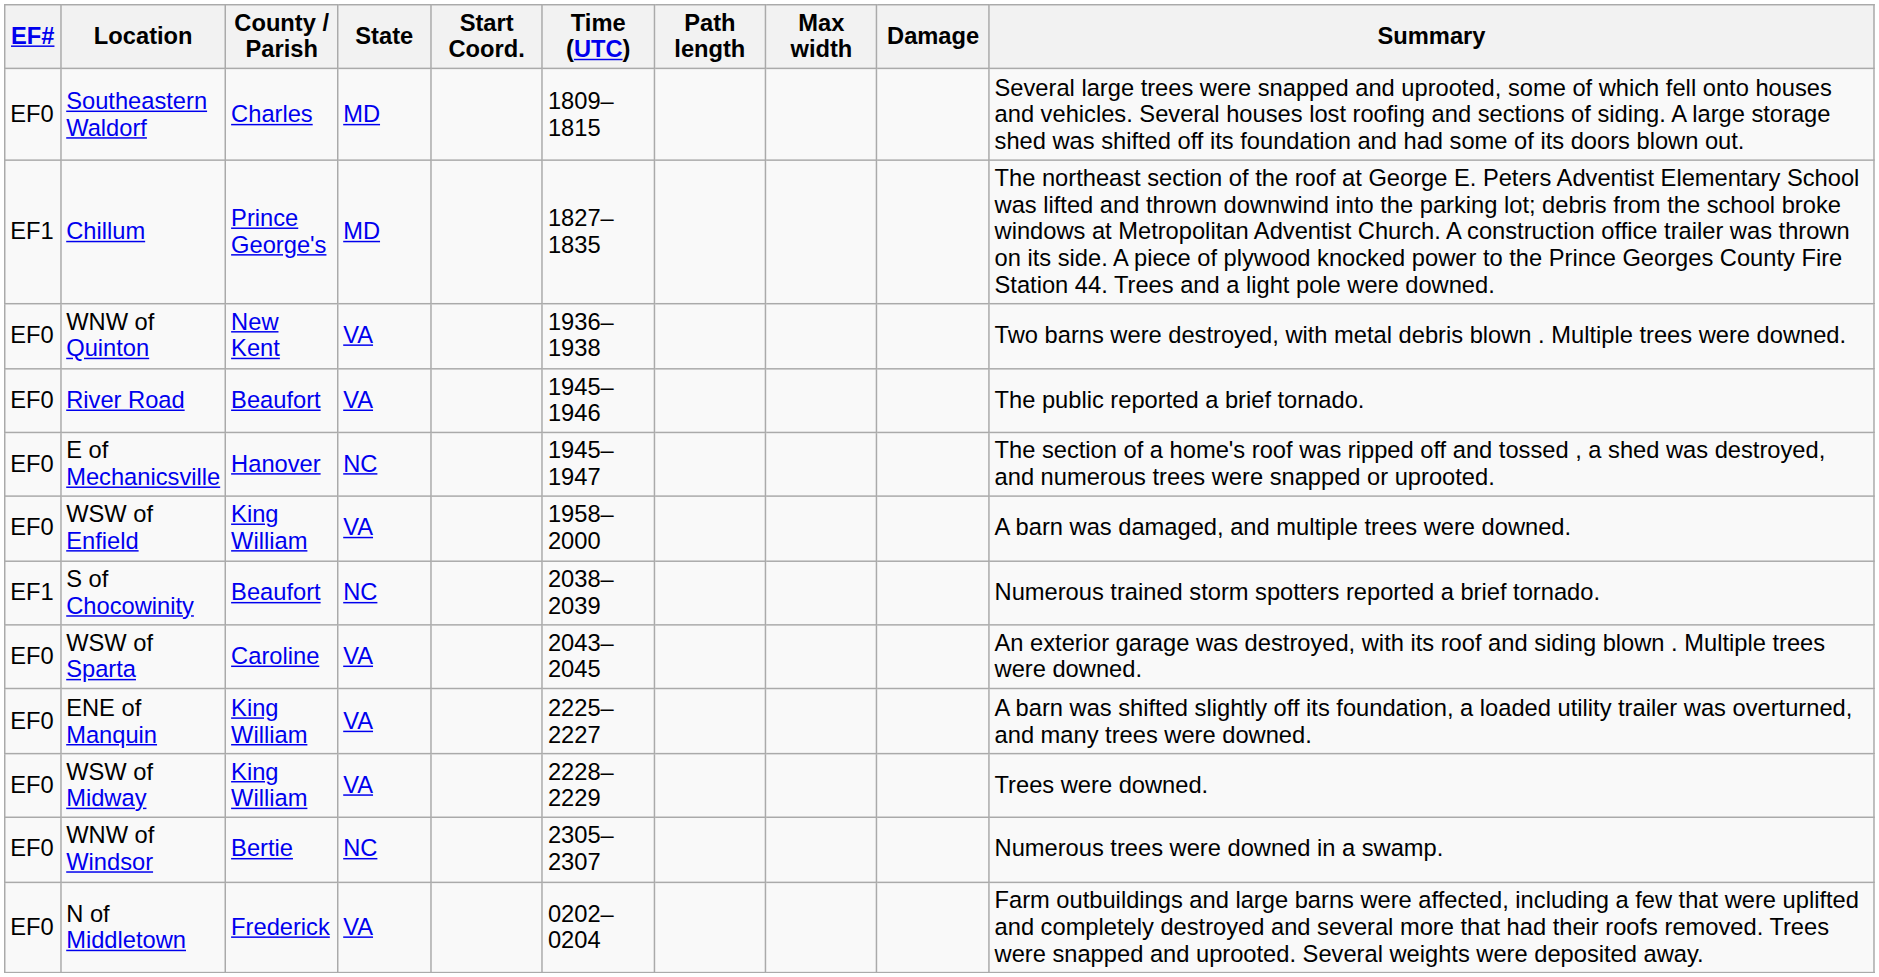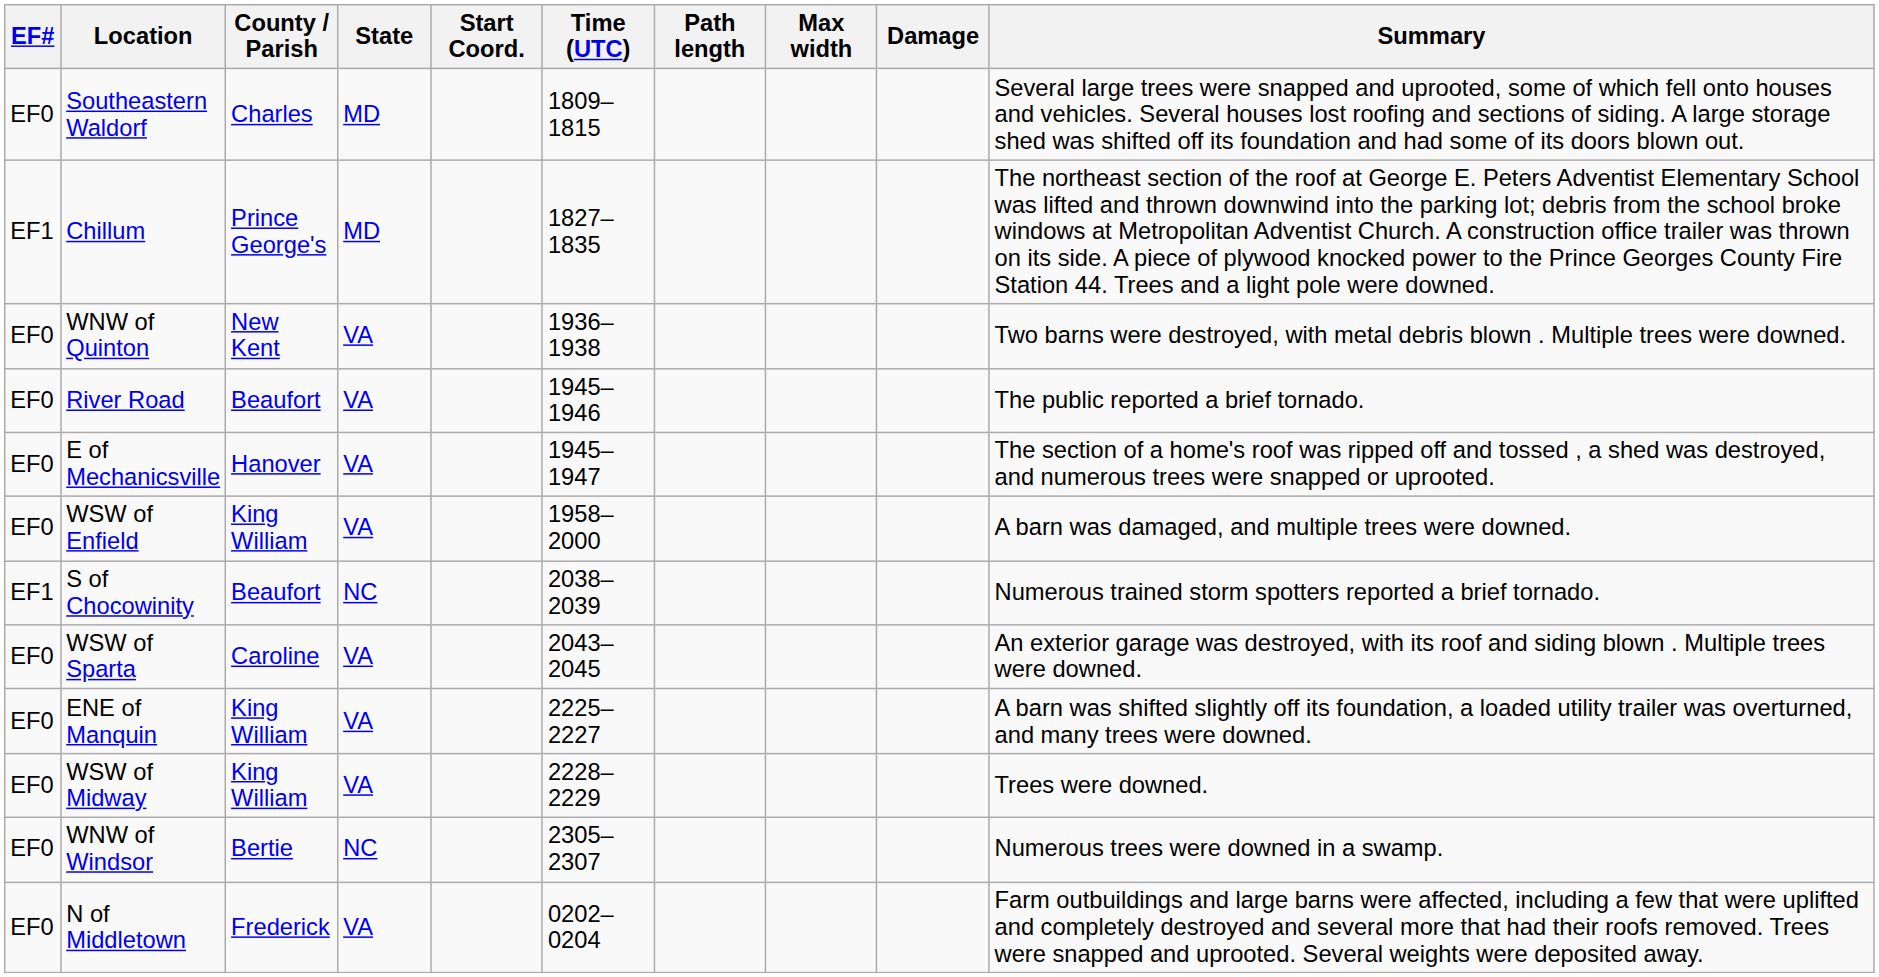 <table class="wikitable sortable" style="width:100%;">
 <tr>
 <th scope="col" width="3%" align="center"><a href='#'>EF#</a></th>
 <th scope="col" width="7%" align="center" class="unsortable">Location</th>
 <th scope="col" width="6%" align="center" class="unsortable">County / Parish</th>
 <th scope="col" width="5%" align="center">State</th>
 <th scope="col" width="6%" align="center">Start Coord.</th>
 <th scope="col" width="6%" align="center">Time (<a href='#'>UTC</a>)</th>
 <th scope="col" width="6%" align="center">Path length</th>
 <th scope="col" width="6%" align="center">Max width</th>
 <th scope="col" width="6%" align="center">Damage</th>
 <th scope="col" width="48%" class="unsortable" align="center">Summary</th>
 </tr>
 <tr>
 <td>EF0</td>
 <td><a href='#'>Southeastern Waldorf</a></td>
 <td><a href='#'>Charles</a></td>
 <td><a href='#'>MD</a></td>
 <td></td>
 <td>1809–1815</td>
 <td></td>
 <td></td>
 <td></td>
 <td>Several large trees were snapped and uprooted, some of which fell onto houses and vehicles. Several houses lost roofing and sections of siding. A large storage shed was shifted off its foundation and had some of its doors blown out.</td>
 </tr>
 <tr>
 <td>EF1</td>
 <td><a href='#'>Chillum</a></td>
 <td><a href='#'>Prince George's</a></td>
 <td><a href='#'>MD</a></td>
 <td></td>
 <td>1827–1835</td>
 <td></td>
 <td></td>
 <td></td>
 <td>The northeast section of the roof at George E. Peters Adventist Elementary School was lifted and thrown downwind into the parking lot; debris from the school broke windows at Metropolitan Adventist Church. A construction office trailer was thrown on its side. A piece of plywood knocked power to the Prince Georges County Fire Station 44. Trees and a light pole were downed.</td>
 </tr>
 <tr>
 <td>EF0</td>
 <td>WNW of <a href='#'>Quinton</a></td>
 <td><a href='#'>New Kent</a></td>
 <td><a href='#'>VA</a></td>
 <td></td>
 <td>1936–1938</td>
 <td></td>
 <td></td>
 <td></td>
 <td>Two barns were destroyed, with metal debris blown . Multiple trees were downed.</td>
 </tr>
 <tr>
 <td>EF0</td>
 <td><a href='#'>River Road</a></td>
 <td><a href='#'>Beaufort</a></td>
 <td><a href='#'>VA</a></td>
 <td></td>
 <td>1945–1946</td>
 <td></td>
 <td></td>
 <td></td>
 <td>The public reported a brief tornado.</td>
 </tr>
 <tr>
 <td>EF0</td>
 <td>E of <a href='#'>Mechanicsville</a></td>
 <td><a href='#'>Hanover</a></td>
-<td><a href='#'>NC</a></td>
+<td><a href='#'>VA</a></td>
 <td></td>
 <td>1945–1947</td>
 <td></td>
 <td></td>
 <td></td>
 <td>The section of a home's roof was ripped off and tossed , a shed was destroyed, and numerous trees were snapped or uprooted.</td>
 </tr>
 <tr>
 <td>EF0</td>
 <td>WSW of <a href='#'>Enfield</a></td>
 <td><a href='#'>King William</a></td>
 <td><a href='#'>VA</a></td>
 <td></td>
 <td>1958–2000</td>
 <td></td>
 <td></td>
 <td></td>
 <td>A barn was damaged, and multiple trees were downed.</td>
 </tr>
 <tr>
 <td>EF1</td>
 <td>S of <a href='#'>Chocowinity</a></td>
 <td><a href='#'>Beaufort</a></td>
 <td><a href='#'>NC</a></td>
 <td></td>
 <td>2038–2039</td>
 <td></td>
 <td></td>
 <td></td>
 <td>Numerous trained storm spotters reported a brief tornado.</td>
 </tr>
 <tr>
 <td>EF0</td>
 <td>WSW of <a href='#'>Sparta</a></td>
 <td><a href='#'>Caroline</a></td>
 <td><a href='#'>VA</a></td>
 <td></td>
 <td>2043–2045</td>
 <td></td>
 <td></td>
 <td></td>
 <td>An exterior garage was destroyed, with its roof and siding blown . Multiple trees were downed.</td>
 </tr>
 <tr>
 <td>EF0</td>
 <td>ENE of <a href='#'>Manquin</a></td>
 <td><a href='#'>King William</a></td>
 <td><a href='#'>VA</a></td>
 <td></td>
 <td>2225–2227</td>
 <td></td>
 <td></td>
 <td></td>
 <td>A barn was shifted slightly off its foundation, a loaded utility trailer was overturned, and many trees were downed.</td>
 </tr>
 <tr>
 <td>EF0</td>
 <td>WSW of <a href='#'>Midway</a></td>
 <td><a href='#'>King William</a></td>
 <td><a href='#'>VA</a></td>
 <td></td>
 <td>2228–2229</td>
 <td></td>
 <td></td>
 <td></td>
 <td>Trees were downed.</td>
 </tr>
 <tr>
 <td>EF0</td>
 <td>WNW of <a href='#'>Windsor</a></td>
 <td><a href='#'>Bertie</a></td>
 <td><a href='#'>NC</a></td>
 <td></td>
 <td>2305–2307</td>
 <td></td>
 <td></td>
 <td></td>
 <td>Numerous trees were downed in a swamp.</td>
 </tr>
 <tr>
 <td>EF0</td>
 <td>N of <a href='#'>Middletown</a></td>
 <td><a href='#'>Frederick</a></td>
 <td><a href='#'>VA</a></td>
 <td></td>
 <td>0202–0204</td>
 <td></td>
 <td></td>
 <td></td>
 <td>Farm outbuildings and large barns were affected, including a few that were uplifted and completely destroyed and several more that had their roofs removed. Trees were snapped and uprooted. Several  weights were deposited  away.</td>
 </tr>
 <tr>
 </tr>
 </table>
